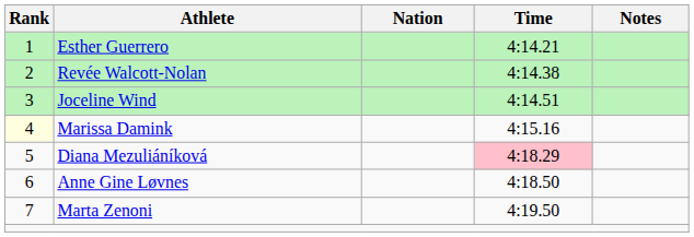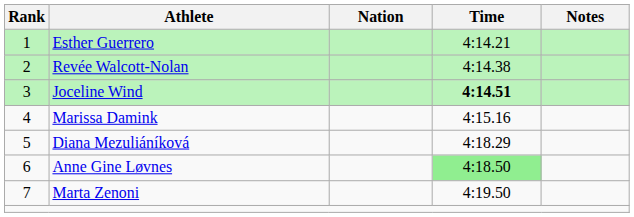 <table class="wikitable sortable" style="text-align:center;width: 50%;">
 <tr>
 <th scope="col" style="width: 10px;">Rank</th>
 <th scope="col">Athlete</th>
 <th scope="col">Nation</th>
 <th scope="col">Time</th>
 <th scope="col">Notes</th>
 </tr>
 <tr bgcolor=bbf3bb>
 <td>1</td>
 <td align=left><a href='#'>Esther Guerrero</a></td>
 <td align=left></td>
 <td>4:14.21</td>
 <td></td>
 </tr>
 <tr bgcolor=bbf3bb>
 <td>2</td>
 <td align=left><a href='#'>Revée Walcott-Nolan</a></td>
 <td align=left></td>
 <td>4:14.38</td>
 <td></td>
 </tr>
 <tr bgcolor=bbf3bb>
 <td>3</td>
 <td align=left><a href='#'>Joceline Wind</a></td>
 <td align=left></td>
-<td>4:14.51</td>
+<td><strong>4:14.51</strong></td>
 <td></td>
 </tr>
 <tr>
-<td style="background: lightyellow;">4</td>
+<td>4</td>
 <td align=left><a href='#'>Marissa Damink</a></td>
 <td align=left></td>
 <td>4:15.16</td>
 <td></td>
 </tr>
 <tr>
 <td>5</td>
 <td align=left><a href='#'>Diana Mezuliáníková</a></td>
 <td align=left></td>
-<td style="background: pink;">4:18.29</td>
+<td>4:18.29</td>
 <td></td>
 </tr>
 <tr>
 <td>6</td>
 <td align=left><a href='#'>Anne Gine Løvnes</a></td>
 <td align=left></td>
-<td>4:18.50</td>
+<td style="background: lightgreen;">4:18.50</td>
 <td></td>
 </tr>
 <tr>
 <td>7</td>
 <td align=left><a href='#'>Marta Zenoni</a></td>
 <td align=left></td>
 <td>4:19.50</td>
 <td></td>
 </tr>
 <tr class="sortbottom">
 <td colspan="5"></td>
 </tr>
 </table>
